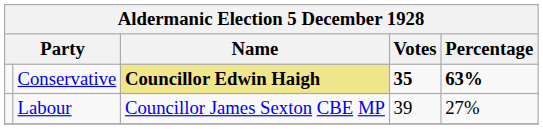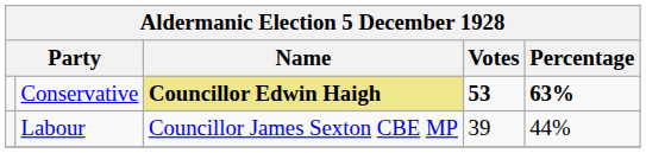 <table class="wikitable">
 <tr>
 <th colspan="5"><strong>Aldermanic Election 5 December 1928</strong></th>
 </tr>
 <tr>
 <th colspan="2">Party</th>
 <th>Name</th>
 <th>Votes</th>
 <th>Percentage</th>
 </tr>
 <tr>
 <td style="background-color:"></td>
 <td><a href='#'>Conservative</a></td>
 <td style="background: khaki;"><strong>Councillor Edwin Haigh</strong></td>
-<td><strong>35</strong></td>
+<td><strong>53</strong></td>
 <td><strong>63%</strong></td>
 </tr>
 <tr>
 <td style="background-color:"></td>
 <td><a href='#'>Labour</a></td>
 <td><a href='#'>Councillor James Sexton</a> <a href='#'>CBE</a> <a href='#'>MP</a></td>
 <td>39</td>
-<td>27%</td>
+<td>44%</td>
 </tr>
 <tr>
 </tr>
 </table>
